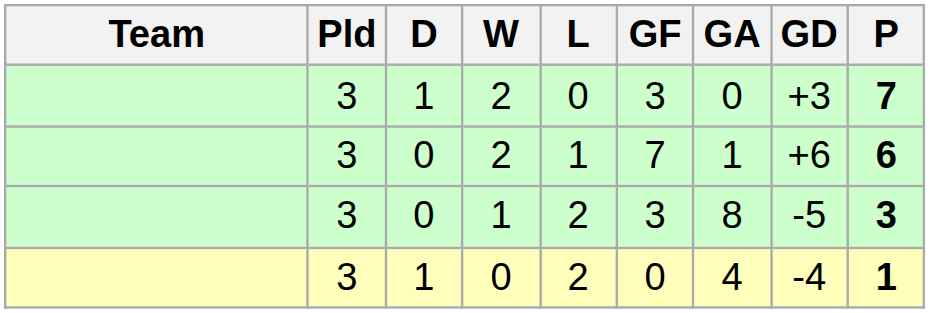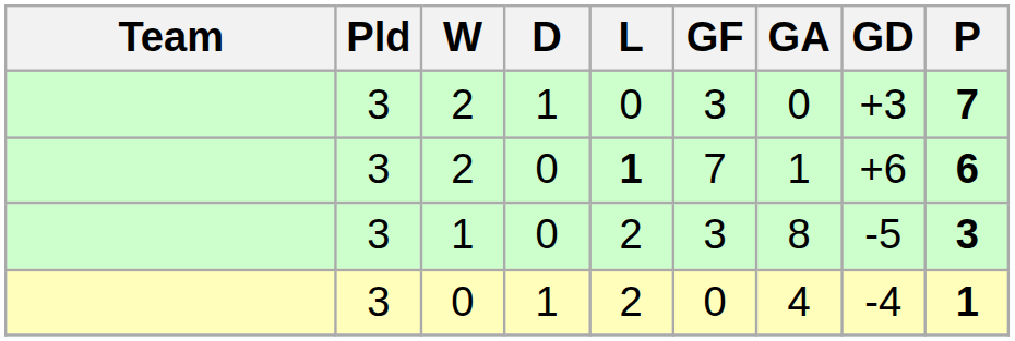 <table class="wikitable">
 <tr>
 <th width=120>Team</th>
 <th width=25>Pld</th>
+<th width=25>W</th>
 <th width=25>D</th>
-<th width=25>W</th>
 <th width=25>L</th>
 <th width=25>GF</th>
 <th width=25>GA</th>
 <th width=25>GD</th>
 <th width=25>P</th>
 </tr>
 <tr align=center bgcolor=#ccffcc>
 <td align=left><strong></strong></td>
 <td>3</td>
+<td>2</td>
 <td>1</td>
-<td>2</td>
 <td>0</td>
 <td>3</td>
 <td>0</td>
 <td>+3</td>
 <td><strong>7</strong></td>
 </tr>
 <tr align=center bgcolor=#ccffcc>
 <td align=left><strong></strong></td>
 <td>3</td>
+<td>2</td>
 <td>0</td>
-<td>2</td>
-<td>1</td>
+<td><strong>1</strong></td>
 <td>7</td>
 <td>1</td>
 <td>+6</td>
 <td><strong>6</strong></td>
 </tr>
 <tr align=center bgcolor=#ccffcc>
 <td align=left><strong></strong></td>
 <td>3</td>
+<td>1</td>
 <td>0</td>
-<td>1</td>
 <td>2</td>
 <td>3</td>
 <td>8</td>
 <td>-5</td>
 <td><strong>3</strong></td>
 </tr>
 <tr align=center bgcolor=#ffffbb>
 <td align=left><strong></strong></td>
 <td>3</td>
+<td>0</td>
 <td>1</td>
-<td>0</td>
 <td>2</td>
 <td>0</td>
 <td>4</td>
 <td>-4</td>
 <td><strong>1</strong></td>
 </tr>
 </table>
